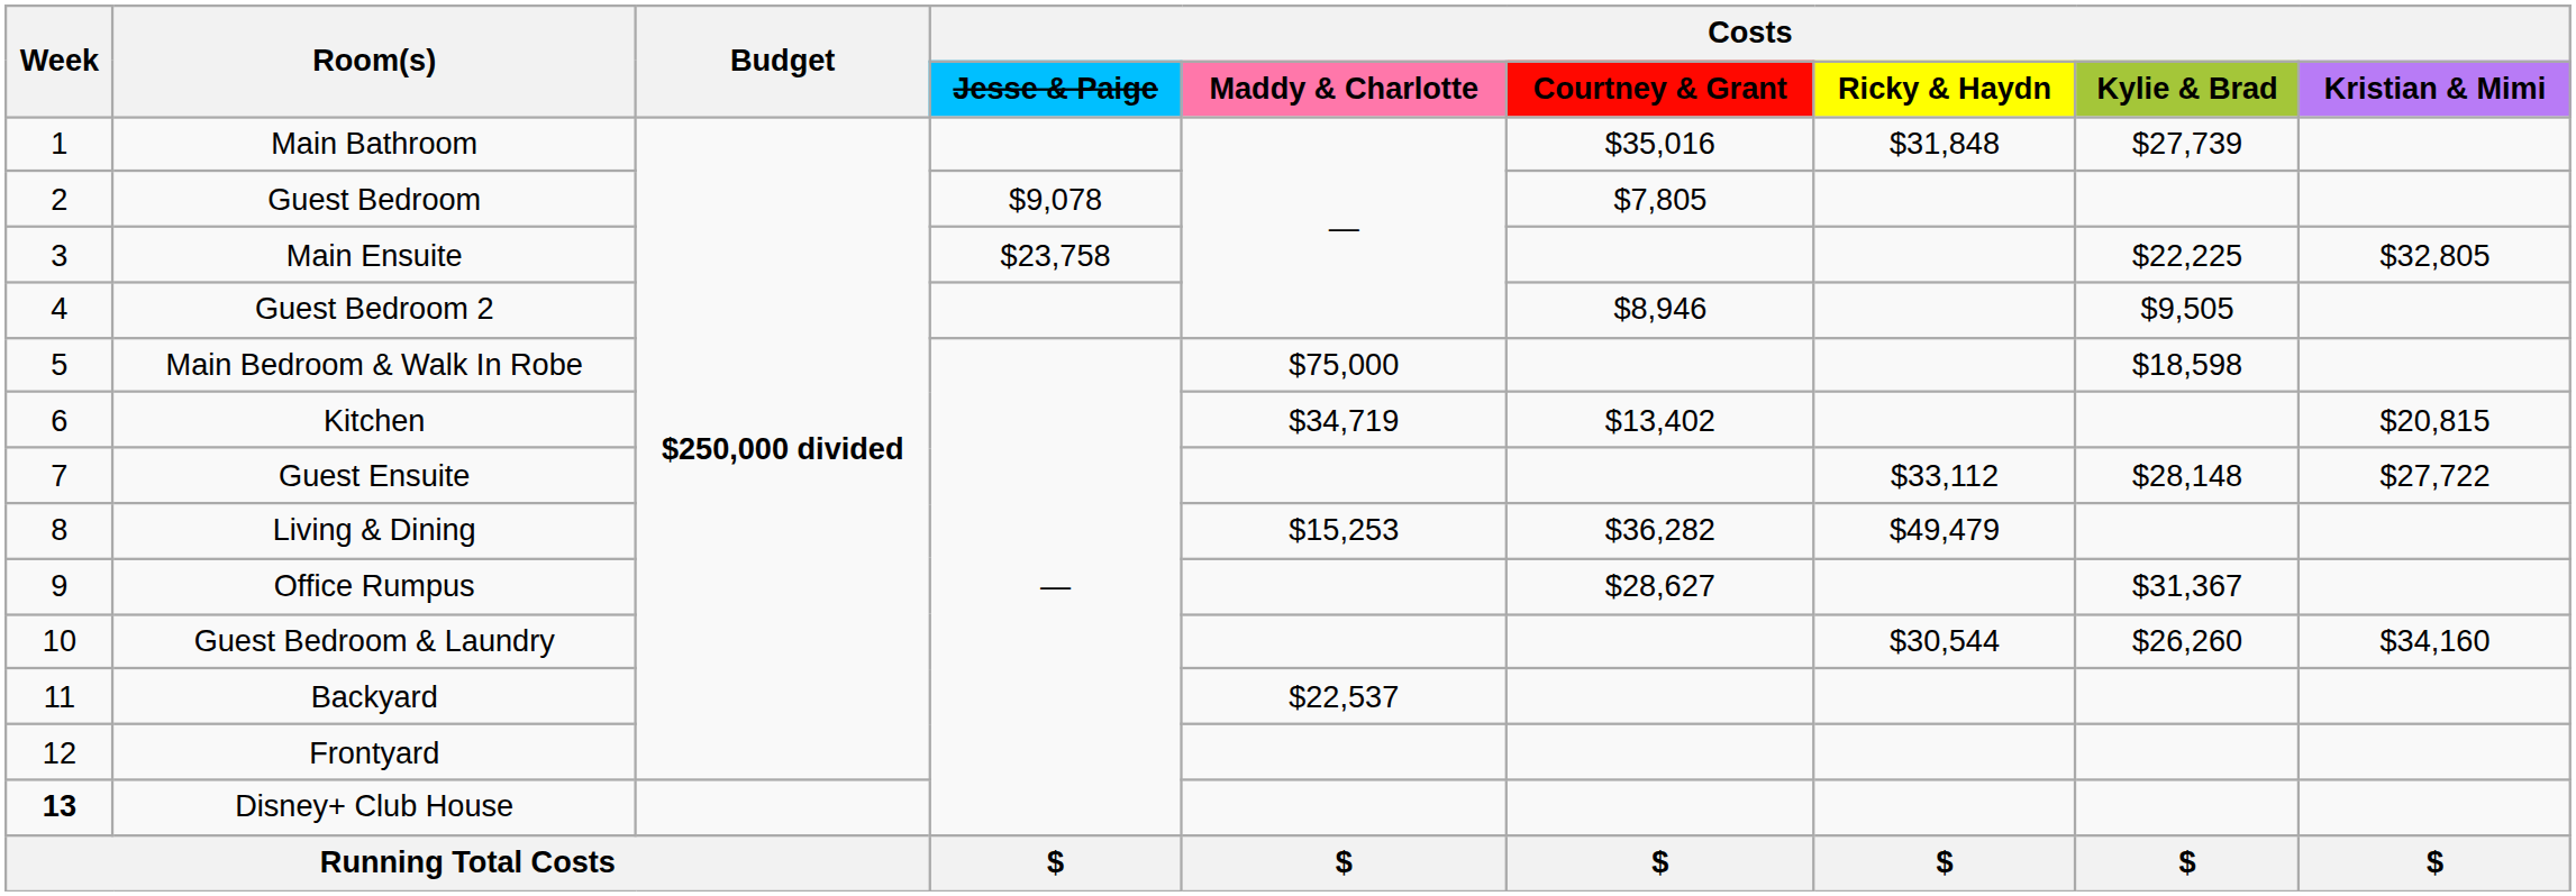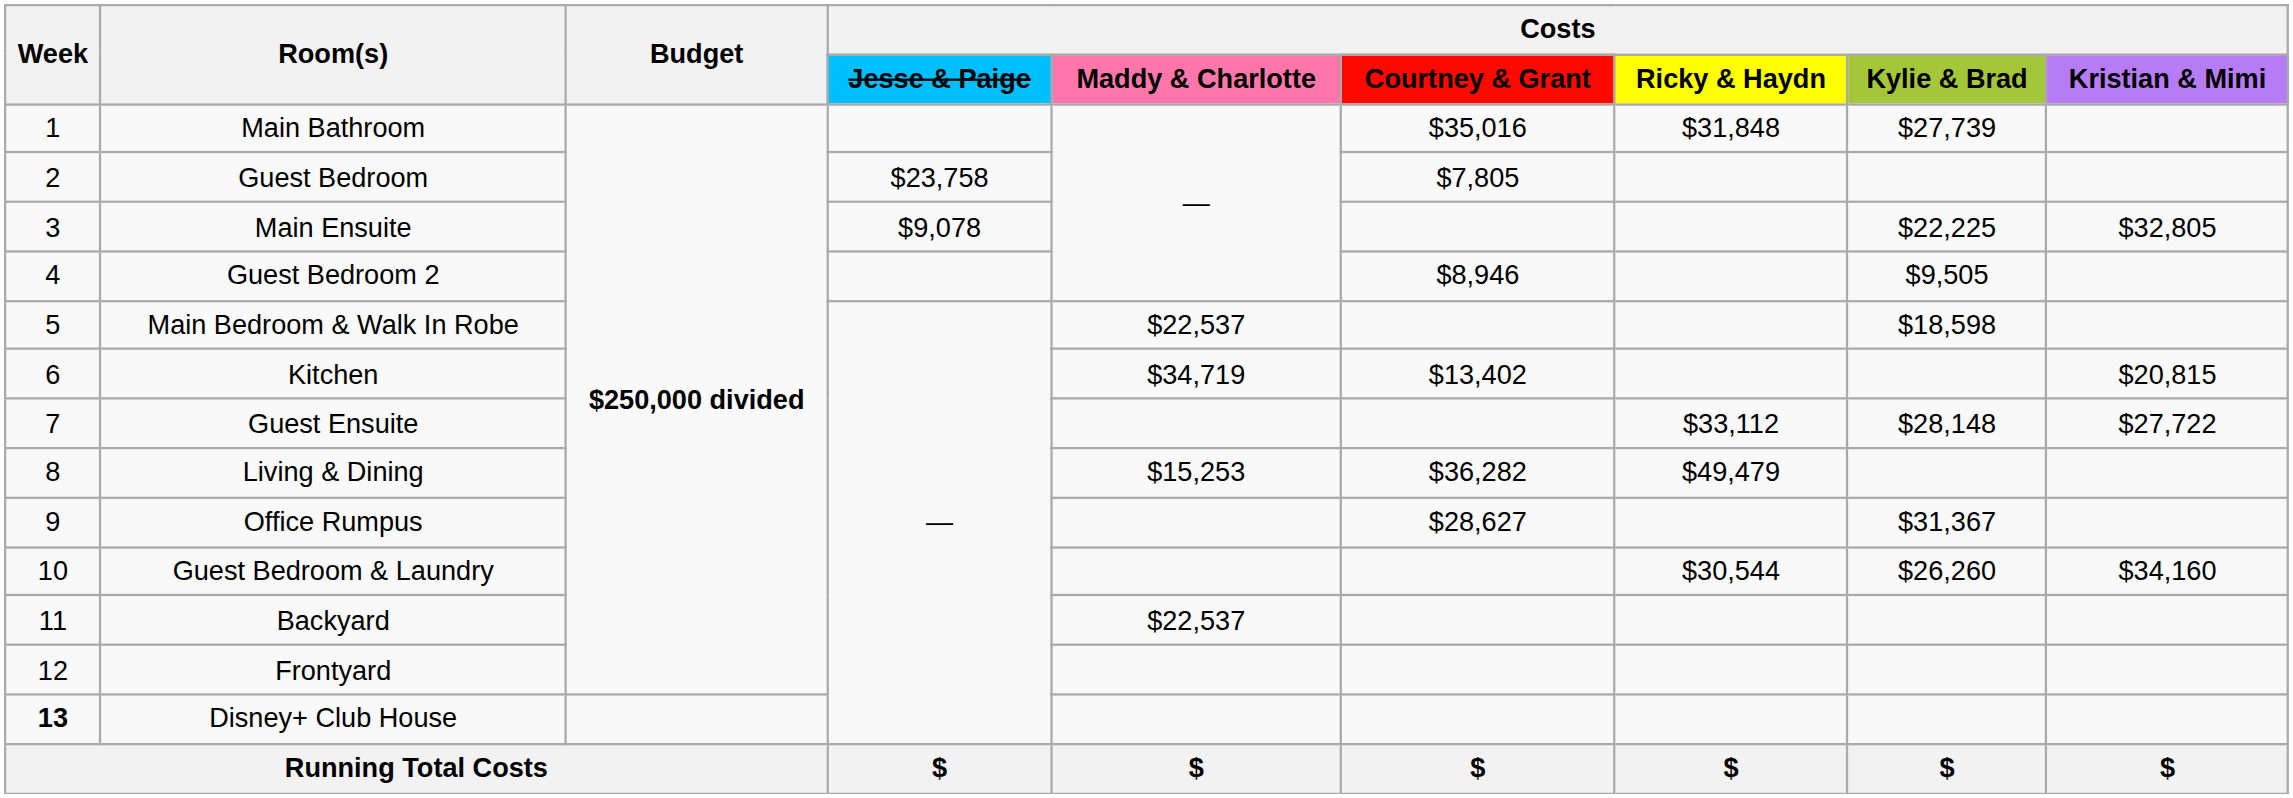 <table class="wikitable" style="text-align:center; font-size: 9pt; line-height:16px; width:80%">
 <tr>
 <th rowspan=2>Week</th>
 <th rowspan="2" style="width:200px;">Room(s)</th>
 <th rowspan="2">Budget</th>
 <th colspan=6>Costs</th>
 </tr>
 <tr>
 <th style="background:#00BFFF; color:black;"><s>Jesse & Paige</s></th>
 <th style="background:#FF77AA; color:black;">Maddy & Charlotte</th>
 <th style="background:#FF0800; color:black;">Courtney & Grant</th>
 <th style="background:yellow; color:black;">Ricky & Haydn</th>
 <th style="background:#A4C639; color:black;">Kylie & Brad</th>
 <th style="background:#B87BF6; color:black;">Kristian & Mimi</th>
 </tr>
 <tr>
 <td>1</td>
 <td>Main Bathroom</td>
 <td rowspan=12><strong>$250,000 divided</strong></td>
 <td></td>
 <td rowspan=4>—</td>
 <td>$35,016</td>
 <td>$31,848</td>
 <td>$27,739</td>
 <td></td>
 </tr>
 <tr>
 <td>2</td>
 <td>Guest Bedroom</td>
-<td>$9,078</td>
+<td>$23,758</td>
 <td>$7,805</td>
 <td></td>
 <td></td>
 <td></td>
 </tr>
 <tr>
 <td>3</td>
 <td>Main Ensuite</td>
-<td>$23,758</td>
+<td>$9,078</td>
 <td></td>
 <td></td>
 <td>$22,225</td>
 <td>$32,805</td>
 </tr>
 <tr>
 <td>4</td>
 <td>Guest Bedroom 2</td>
 <td></td>
 <td>$8,946</td>
 <td></td>
 <td>$9,505</td>
 <td></td>
 </tr>
 <tr>
 <td>5</td>
 <td>Main Bedroom & Walk In Robe</td>
 <td rowspan=9>—</td>
-<td>$75,000</td>
+<td>$22,537</td>
 <td></td>
 <td></td>
 <td>$18,598</td>
 <td></td>
 </tr>
 <tr>
 <td>6</td>
 <td>Kitchen</td>
 <td>$34,719</td>
 <td>$13,402</td>
 <td></td>
 <td></td>
 <td>$20,815</td>
 </tr>
 <tr>
 <td>7</td>
 <td>Guest Ensuite</td>
 <td></td>
 <td></td>
 <td>$33,112</td>
 <td>$28,148</td>
 <td>$27,722</td>
 </tr>
 <tr>
 <td>8</td>
 <td>Living & Dining</td>
 <td>$﻿15,253</td>
 <td>$36,282</td>
 <td>$49,479</td>
 <td></td>
 <td></td>
 </tr>
 <tr>
 <td>9</td>
 <td>Office Rumpus</td>
 <td></td>
 <td>$28,627</td>
 <td></td>
 <td>$31,367</td>
 <td></td>
 </tr>
 <tr>
 <td>10</td>
 <td>Guest Bedroom & Laundry</td>
 <td></td>
 <td></td>
 <td>$30,544</td>
 <td>$26,260</td>
 <td>$34,160</td>
 </tr>
 <tr>
 <td>11</td>
 <td>Backyard</td>
 <td>$22,537</td>
 <td></td>
 <td></td>
 <td></td>
 <td></td>
 </tr>
 <tr>
 <td>12</td>
 <td>Frontyard</td>
 <td></td>
 <td></td>
 <td></td>
 <td></td>
 <td></td>
 </tr>
 <tr>
 <td><strong>13</strong></td>
 <td>Disney+ Club House</td>
 <td></td>
 <td></td>
 <td></td>
 <td></td>
 <td></td>
 <td></td>
 </tr>
 <tr>
 <th colspan=3>Running Total Costs</th>
 <th>$</th>
 <th>$</th>
 <th>$</th>
 <th>$</th>
 <th>$</th>
 <th>$</th>
 </tr>
 </table>
